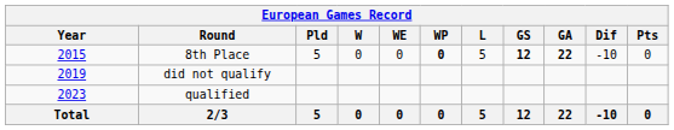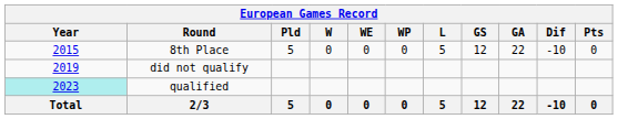 <table class="wikitable" style="text-align: center;font-size:90%;">
 <tr>
 <th colspan=11><a href='#'>European Games Record</a></th>
 </tr>
 <tr>
 <th width=125>Year</th>
 <th width=150>Round</th>
 <th width=35>Pld</th>
 <th width=35>W</th>
 <th width=35>WE</th>
 <th width=35>WP</th>
 <th width=35>L</th>
 <th width=35>GS</th>
 <th width=35>GA</th>
 <th width=35>Dif</th>
 <th width=35>Pts</th>
 </tr>
 <tr>
 <td> <a href='#'>2015</a></td>
 <td>8th Place</td>
 <td>5</td>
 <td>0</td>
 <td>0</td>
-<td><strong>0</strong></td>
+<td>0</td>
 <td>5</td>
-<td><strong>12</strong></td>
-<td><strong>22</strong></td>
+<td>12</td>
+<td>22</td>
 <td>-10</td>
 <td>0</td>
 </tr>
 <tr>
 <td> <a href='#'>2019</a></td>
 <td>did not qualify</td>
 <td></td>
 <td></td>
 <td></td>
 <td></td>
 <td></td>
 <td></td>
 <td></td>
 <td></td>
 <td></td>
 </tr>
 <tr>
-<td> <a href='#'>2023</a></td>
+<td style="background: paleturquoise;"> <a href='#'>2023</a></td>
 <td>qualified</td>
 <td></td>
 <td></td>
 <td></td>
 <td></td>
 <td></td>
 <td></td>
 <td></td>
 <td></td>
 <td></td>
 </tr>
 <tr>
 <th><strong>Total</strong></th>
 <th>2/3</th>
 <th>5</th>
 <th>0</th>
 <th>0</th>
 <th>0</th>
 <th>5</th>
 <th>12</th>
 <th>22</th>
 <th>-10</th>
 <th>0</th>
 </tr>
 </table>
